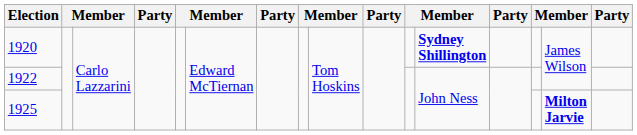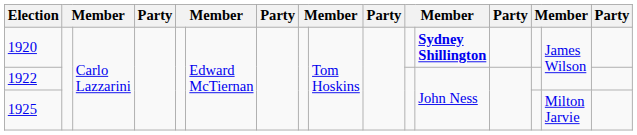 <table class="wikitable">
 <tr>
 <th>Election</th>
 <th colspan=2>Member</th>
 <th>Party</th>
 <th colspan=2>Member</th>
 <th>Party</th>
 <th colspan=2>Member</th>
 <th>Party</th>
 <th colspan=2>Member</th>
 <th>Party</th>
 <th colspan=2>Member</th>
 <th>Party</th>
 </tr>
 <tr>
 <td><a href='#'>1920</a></td>
 <td rowspan=3 > </td>
 <td rowspan=3><a href='#'>Carlo Lazzarini</a></td>
 <td rowspan=3></td>
 <td rowspan=3 > </td>
 <td rowspan=3><a href='#'>Edward McTiernan</a></td>
 <td rowspan=3></td>
 <td rowspan=3 > </td>
 <td rowspan=3><a href='#'>Tom Hoskins</a></td>
 <td rowspan=3></td>
 <td> </td>
 <td><strong><a href='#'>Sydney Shillington</a></strong></td>
 <td></td>
 <td> </td>
 <td rowspan=2><a href='#'>James Wilson</a></td>
 <td></td>
 </tr>
 <tr>
 <td><a href='#'>1922</a></td>
 <td rowspan=2 > </td>
 <td rowspan=2><a href='#'>John Ness</a></td>
 <td rowspan=2></td>
 <td> </td>
 <td></td>
 </tr>
 <tr>
 <td><a href='#'>1925</a></td>
 <td> </td>
-<td><strong><a href='#'>Milton Jarvie</a></strong></td>
+<td><a href='#'>Milton Jarvie</a></td>
 <td></td>
 </tr>
 </table>
